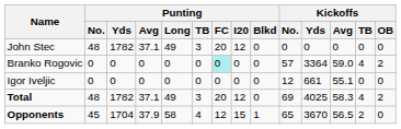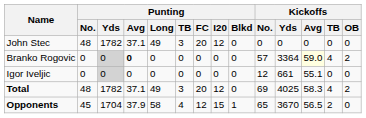 <table class="wikitable" style="white-space:nowrap;">
 <tr>
 <th rowspan="2">Name</th>
 <th colspan="8">Punting</th>
 <th colspan="5">Kickoffs</th>
 </tr>
 <tr>
 <th>No.</th>
 <th>Yds</th>
 <th>Avg</th>
 <th>Long</th>
 <th>TB</th>
 <th>FC</th>
 <th>I20</th>
 <th>Blkd</th>
 <th>No.</th>
 <th>Yds</th>
 <th>Avg</th>
 <th>TB</th>
 <th>OB</th>
 </tr>
 <tr>
 <td>John Stec</td>
 <td>48</td>
 <td>1782</td>
 <td>37.1</td>
 <td>49</td>
 <td>3</td>
 <td>20</td>
 <td>12</td>
 <td>0</td>
 <td>0</td>
 <td>0</td>
 <td>0</td>
 <td>0</td>
 <td>0</td>
 </tr>
 <tr>
 <td>Branko Rogovic</td>
 <td>0</td>
+<td style="background: lightgrey;">0</td>
+<td><strong>0</strong></td>
 <td>0</td>
 <td>0</td>
 <td>0</td>
 <td>0</td>
-<td style="background: paleturquoise;">0</td>
-<td>0</td>
 <td>0</td>
 <td>57</td>
 <td>3364</td>
-<td>59.0</td>
+<td style="background: lightyellow;">59.0</td>
 <td>4</td>
 <td>2</td>
 </tr>
 <tr>
 <td>Igor Iveljic</td>
 <td>0</td>
-<td>0</td>
+<td style="background: lightgrey;">0</td>
 <td>0</td>
 <td>0</td>
 <td>0</td>
 <td>0</td>
 <td>0</td>
 <td>0</td>
 <td>12</td>
 <td>661</td>
 <td>55.1</td>
 <td>0</td>
 <td>0</td>
 </tr>
 <tr>
 <td><strong>Total</strong></td>
 <td>48</td>
 <td>1782</td>
 <td>37.1</td>
 <td>49</td>
 <td>3</td>
 <td>20</td>
 <td>12</td>
 <td>0</td>
 <td>69</td>
 <td>4025</td>
 <td>58.3</td>
 <td>4</td>
 <td>2</td>
 </tr>
 <tr>
 <td><strong>Opponents</strong></td>
 <td>45</td>
 <td>1704</td>
 <td>37.9</td>
 <td>58</td>
 <td>4</td>
 <td>12</td>
 <td>15</td>
 <td>1</td>
 <td>65</td>
 <td>3670</td>
 <td>56.5</td>
 <td>2</td>
 <td>0</td>
 </tr>
 </table>
